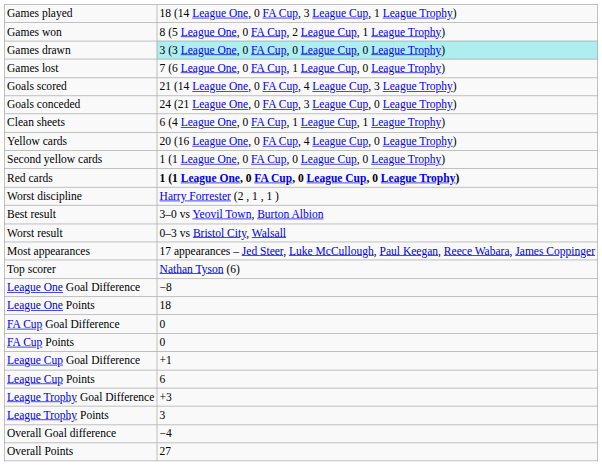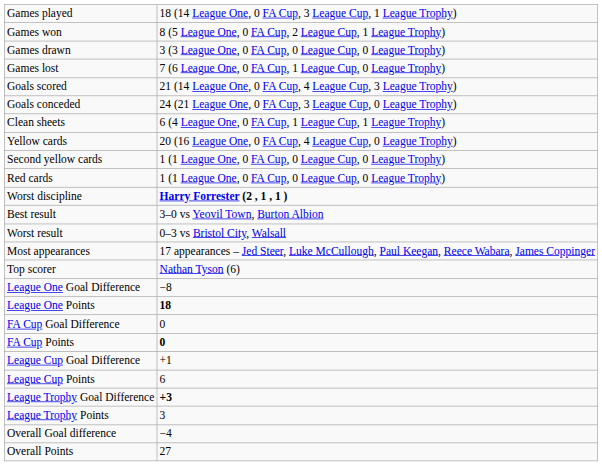 <table class="wikitable">
 <tr>
 <td>Games played</td>
 <td>18 (14 <a href='#'>League One</a>, 0 <a href='#'>FA Cup</a>, 3 <a href='#'>League Cup</a>, 1 <a href='#'>League Trophy</a>)</td>
 </tr>
 <tr>
 <td>Games won</td>
 <td>8 (5 <a href='#'>League One</a>, 0 <a href='#'>FA Cup</a>, 2 <a href='#'>League Cup</a>, 1 <a href='#'>League Trophy</a>)</td>
 </tr>
 <tr>
 <td>Games drawn</td>
-<td style="background: paleturquoise;">3 (3 <a href='#'>League One</a>, 0 <a href='#'>FA Cup</a>, 0 <a href='#'>League Cup</a>, 0 <a href='#'>League Trophy</a>)</td>
+<td>3 (3 <a href='#'>League One</a>, 0 <a href='#'>FA Cup</a>, 0 <a href='#'>League Cup</a>, 0 <a href='#'>League Trophy</a>)</td>
 </tr>
 <tr>
 <td>Games lost</td>
 <td>7 (6 <a href='#'>League One</a>, 0 <a href='#'>FA Cup</a>, 1 <a href='#'>League Cup</a>, 0 <a href='#'>League Trophy</a>)</td>
 </tr>
 <tr>
 <td>Goals scored</td>
 <td>21 (14 <a href='#'>League One</a>, 0 <a href='#'>FA Cup</a>, 4 <a href='#'>League Cup</a>, 3 <a href='#'>League Trophy</a>)</td>
 </tr>
 <tr>
 <td>Goals conceded</td>
 <td>24 (21 <a href='#'>League One</a>, 0 <a href='#'>FA Cup</a>, 3 <a href='#'>League Cup</a>, 0 <a href='#'>League Trophy</a>)</td>
 </tr>
 <tr>
 <td>Clean sheets</td>
 <td>6 (4 <a href='#'>League One</a>, 0 <a href='#'>FA Cup</a>, 1 <a href='#'>League Cup</a>, 1 <a href='#'>League Trophy</a>)</td>
 </tr>
 <tr>
 <td>Yellow cards</td>
 <td>20 (16 <a href='#'>League One</a>, 0 <a href='#'>FA Cup</a>, 4 <a href='#'>League Cup</a>, 0 <a href='#'>League Trophy</a>)</td>
 </tr>
 <tr>
 <td>Second yellow cards</td>
 <td>1 (1 <a href='#'>League One</a>, 0 <a href='#'>FA Cup</a>, 0 <a href='#'>League Cup</a>, 0 <a href='#'>League Trophy</a>)</td>
 </tr>
 <tr>
 <td>Red cards</td>
-<td><strong>1 (1 <a href='#'>League One</a>, 0 <a href='#'>FA Cup</a>, 0 <a href='#'>League Cup</a>, 0 <a href='#'>League Trophy</a>)</strong></td>
+<td>1 (1 <a href='#'>League One</a>, 0 <a href='#'>FA Cup</a>, 0 <a href='#'>League Cup</a>, 0 <a href='#'>League Trophy</a>)</td>
 </tr>
 <tr>
 <td>Worst discipline</td>
-<td><a href='#'>Harry Forrester</a> (2 , 1 , 1 )</td>
+<td><strong><a href='#'>Harry Forrester</a> (2 , 1 , 1 )</strong></td>
 </tr>
 <tr>
 <td>Best result</td>
 <td>3–0 vs <a href='#'>Yeovil Town</a>, <a href='#'>Burton Albion</a></td>
 </tr>
 <tr>
 <td>Worst result</td>
 <td>0–3 vs <a href='#'>Bristol City</a>, <a href='#'>Walsall</a></td>
 </tr>
 <tr>
 <td>Most appearances</td>
 <td>17 appearances – <a href='#'>Jed Steer</a>, <a href='#'>Luke McCullough</a>, <a href='#'>Paul Keegan</a>, <a href='#'>Reece Wabara</a>, <a href='#'>James Coppinger</a></td>
 </tr>
 <tr>
 <td>Top scorer</td>
 <td><a href='#'>Nathan Tyson</a> (6)</td>
 </tr>
 <tr>
 <td><a href='#'>League One</a> Goal Difference</td>
 <td>−8</td>
 </tr>
 <tr>
 <td><a href='#'>League One</a> Points</td>
-<td>18</td>
+<td><strong>18</strong></td>
 </tr>
 <tr>
 <td><a href='#'>FA Cup</a> Goal Difference</td>
 <td>0</td>
 </tr>
 <tr>
 <td><a href='#'>FA Cup</a> Points</td>
-<td>0</td>
+<td><strong>0</strong></td>
 </tr>
 <tr>
 <td><a href='#'>League Cup</a> Goal Difference</td>
 <td>+1</td>
 </tr>
 <tr>
 <td><a href='#'>League Cup</a> Points</td>
 <td>6</td>
 </tr>
 <tr>
 <td><a href='#'>League Trophy</a> Goal Difference</td>
-<td>+3</td>
+<td><strong>+3</strong></td>
 </tr>
 <tr>
 <td><a href='#'>League Trophy</a> Points</td>
 <td>3</td>
 </tr>
 <tr>
 <td>Overall Goal difference</td>
 <td>−4</td>
 </tr>
 <tr>
 <td>Overall Points</td>
 <td>27</td>
 </tr>
 </table>
